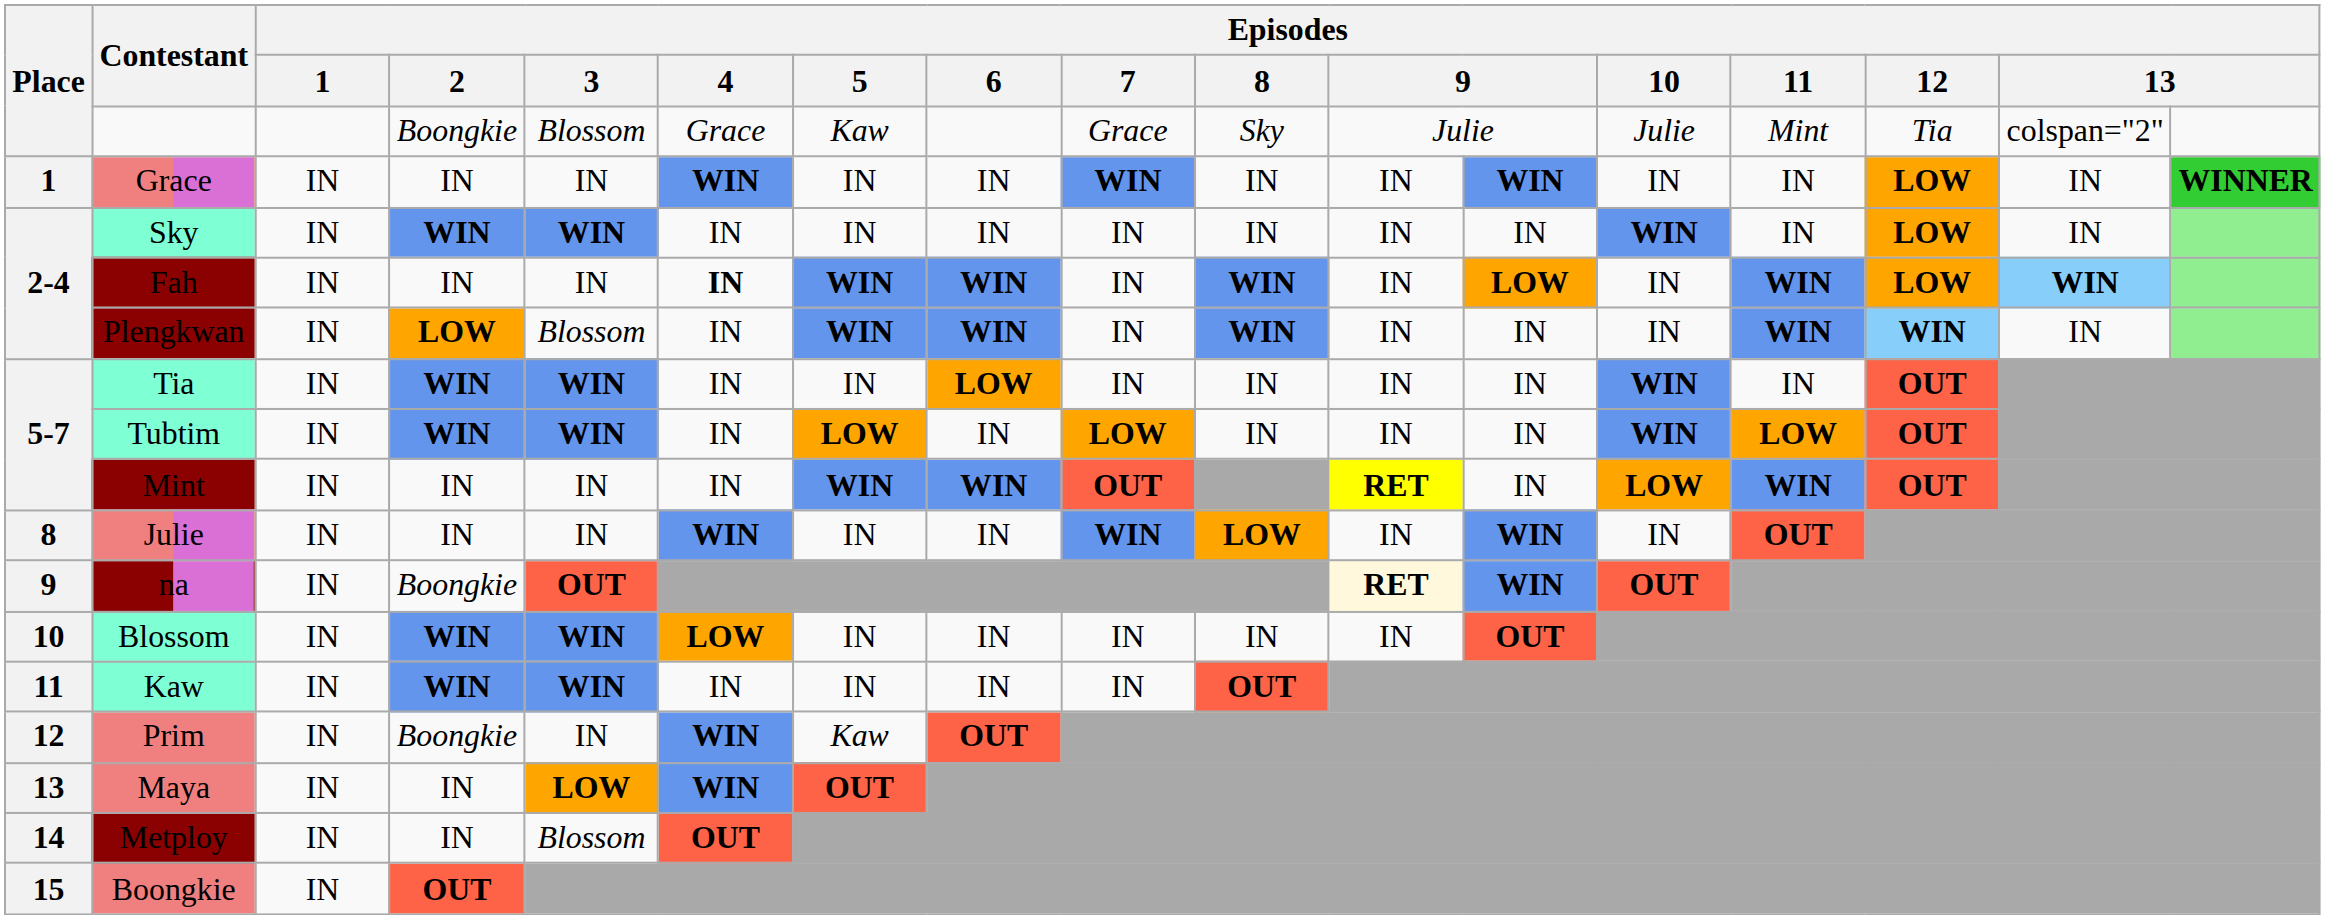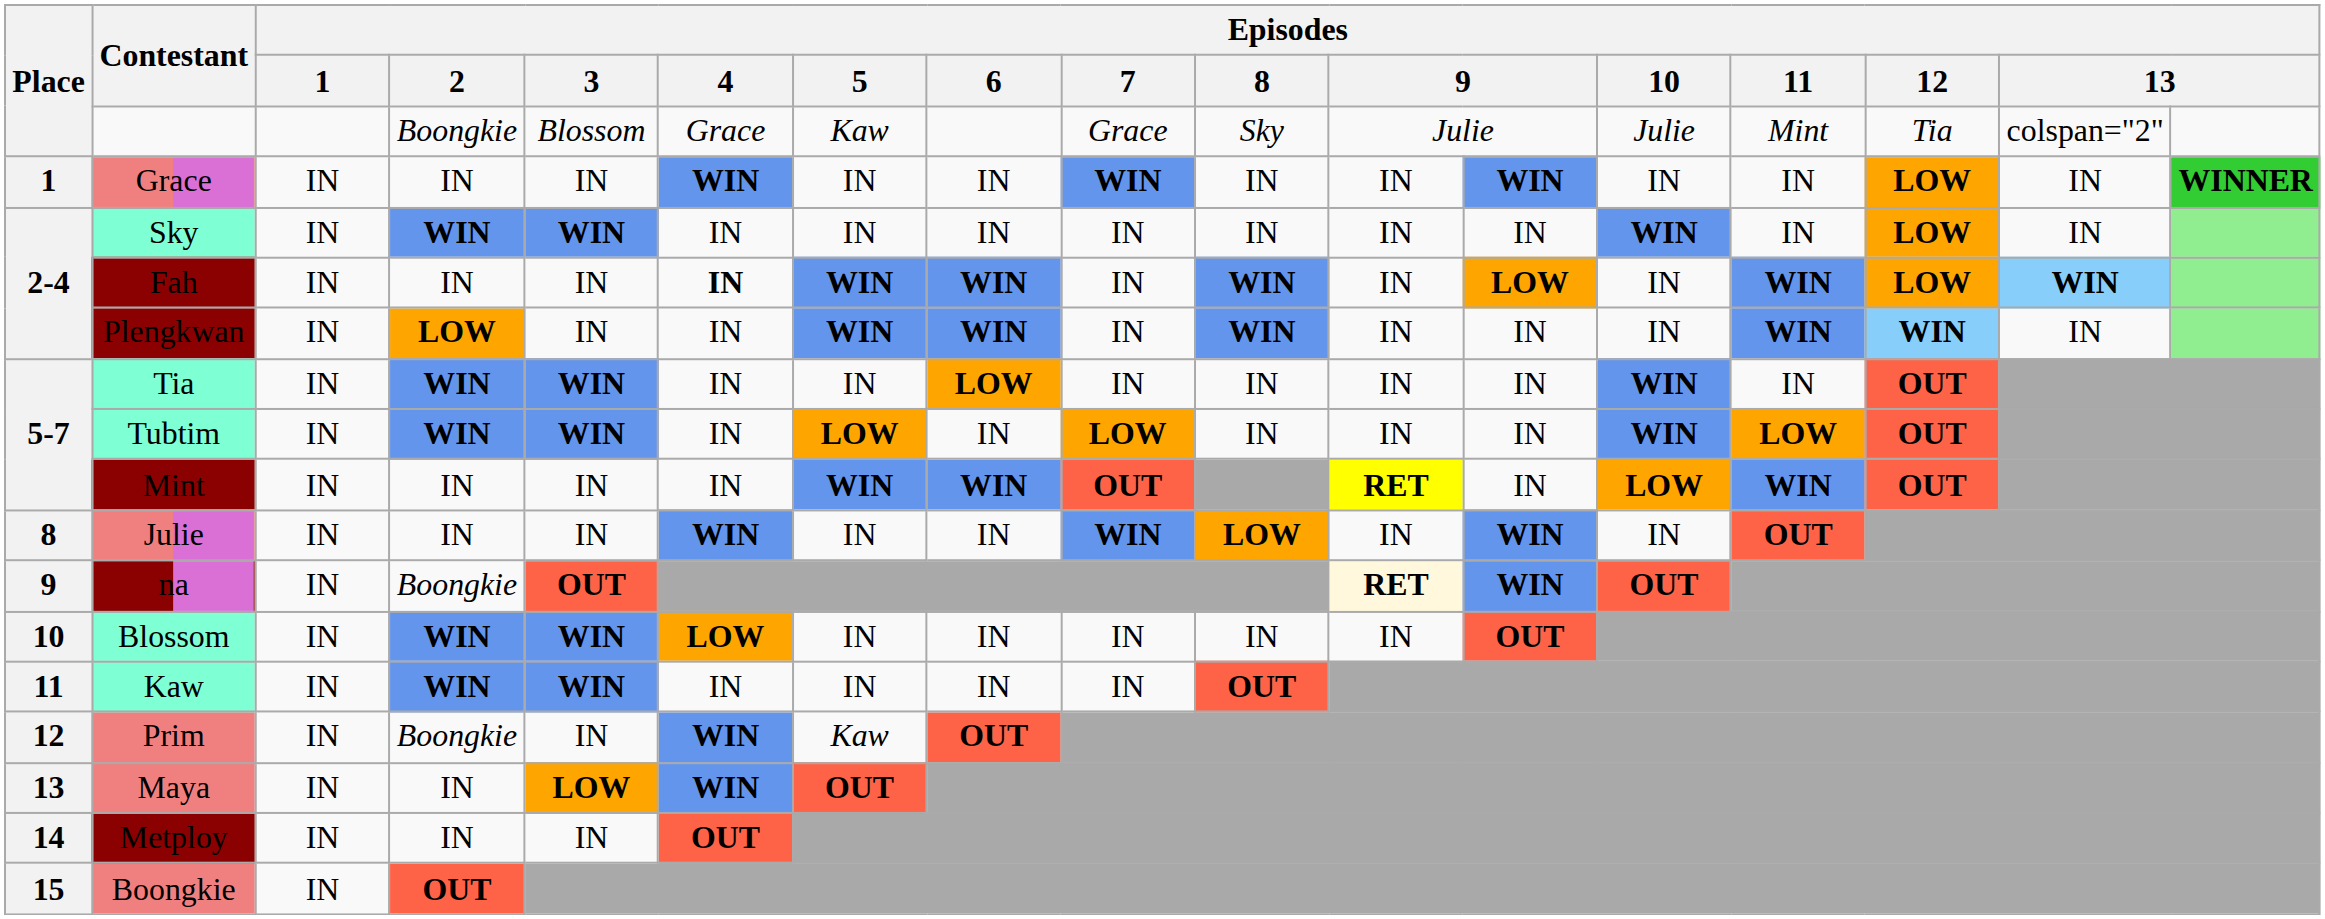 <table class="wikitable" style="text-align:center; font-size:100%">
 <tr>
 <th rowspan=3>Place</th>
 <th rowspan=2>Contestant</th>
 <th colspan=16>Episodes</th>
 </tr>
 <tr>
 <th style="width:60px;">1</th>
 <th style="width:60px;">2</th>
 <th style="width:60px;">3</th>
 <th style="width:60px;">4</th>
 <th style="width:60px;">5</th>
 <th style="width:60px;">6</th>
 <th style="width:60px;">7</th>
 <th style="width:60px;">8</th>
 <th style="width:60px;" colspan=2>9</th>
 <th style="width:60px;">10</th>
 <th style="width:60px;">11</th>
 <th style="width:60px;">12</th>
 <th colspan="2">13</th>
 </tr>
 <tr>
 <td></td>
 <td></td>
 <td><em>Boongkie</em></td>
 <td><em>Blossom</em></td>
 <td><em>Grace</em></td>
 <td><em>Kaw</em></td>
 <td></td>
 <td><em>Grace</em></td>
 <td><em>Sky</em></td>
 <td colspan="2"><em>Julie</em></td>
 <td><em>Julie</em></td>
 <td><em>Mint</em></td>
 <td><em>Tia</em></td>
 <td>colspan="2" </td>
 </tr>
 <tr>
 <th>1</th>
 <td style="background:linear-gradient(to right, lightcoral 50%, orchid 50%);">Grace</td>
 <td>IN</td>
 <td>IN</td>
 <td>IN</td>
 <td style="background:cornflowerblue;"><strong>WIN</strong></td>
 <td>IN</td>
 <td>IN</td>
 <td style="background:cornflowerblue;"><strong>WIN</strong></td>
 <td>IN</td>
 <td width="60">IN</td>
 <td width="60" style="background:cornflowerblue;"><strong>WIN</strong></td>
 <td>IN</td>
 <td>IN</td>
 <td style="background:orange;"><strong>LOW</strong></td>
 <td width="60">IN</td>
 <td style="background:limegreen;"><strong>WINNER</strong></td>
 </tr>
 <tr>
 <th rowspan=3>2-4</th>
 <td style="background:aquamarine;">Sky</td>
 <td>IN</td>
 <td style="background:cornflowerblue;"><strong>WIN</strong></td>
 <td style="background:cornflowerblue;"><strong>WIN</strong></td>
 <td>IN</td>
 <td>IN</td>
 <td>IN</td>
 <td>IN</td>
 <td>IN</td>
 <td>IN</td>
 <td>IN</td>
 <td style="background:cornflowerblue;"><strong>WIN</strong></td>
 <td>IN</td>
 <td style="background:orange;"><strong>LOW</strong></td>
 <td>IN</td>
 <td style="background:lightgreen;"></td>
 </tr>
 <tr>
 <td style="background:darkred;"><span>Fah</span></td>
 <td>IN</td>
 <td>IN</td>
 <td>IN</td>
 <td><strong>IN</strong></td>
 <td style="background:cornflowerblue;"><strong>WIN</strong></td>
 <td style="background:cornflowerblue;"><strong>WIN</strong></td>
 <td>IN</td>
 <td style="background:cornflowerblue;"><strong>WIN</strong></td>
 <td>IN</td>
 <td style="background:orange;"><strong>LOW</strong></td>
 <td>IN</td>
 <td style="background:cornflowerblue;"><strong>WIN</strong></td>
 <td style="background:orange;"><strong>LOW</strong></td>
 <td style="background:lightskyblue;"><strong>WIN</strong></td>
 <td style="background:lightgreen;"></td>
 </tr>
 <tr>
 <td style="background:darkred;"><span>Plengkwan</span></td>
 <td>IN</td>
 <td style="background:orange;"><strong>LOW</strong></td>
-<td><em>Blossom</em></td>
+<td>IN</td>
 <td>IN</td>
 <td style="background:cornflowerblue;"><strong>WIN</strong></td>
 <td style="background:cornflowerblue;"><strong>WIN</strong></td>
 <td>IN</td>
 <td style="background:cornflowerblue;"><strong>WIN</strong></td>
 <td>IN</td>
 <td>IN</td>
 <td>IN</td>
 <td style="background:cornflowerblue;"><strong>WIN</strong></td>
 <td style="background:lightskyblue;"><strong>WIN</strong></td>
 <td>IN</td>
 <td style="background:lightgreen;"></td>
 </tr>
 <tr>
 <th rowspan=3>5-7</th>
 <td style="background:aquamarine;">Tia</td>
 <td>IN</td>
 <td style="background:cornflowerblue;"><strong>WIN</strong></td>
 <td style="background:cornflowerblue;"><strong>WIN</strong></td>
 <td>IN</td>
 <td>IN</td>
 <td style="background:orange;"><strong>LOW</strong></td>
 <td>IN</td>
 <td>IN</td>
 <td>IN</td>
 <td>IN</td>
 <td style="background:cornflowerblue;"><strong>WIN</strong></td>
 <td>IN</td>
 <td style="background:tomato;"><strong>OUT</strong></td>
 <td style="background:darkgrey;" colspan=2></td>
 </tr>
 <tr>
 <td style="background:aquamarine;">Tubtim</td>
 <td>IN</td>
 <td style="background:cornflowerblue;"><strong>WIN</strong></td>
 <td style="background:cornflowerblue;"><strong>WIN</strong></td>
 <td>IN</td>
 <td style="background:orange;"><strong>LOW</strong></td>
 <td>IN</td>
 <td style="background:orange;"><strong>LOW</strong></td>
 <td>IN</td>
 <td>IN</td>
 <td>IN</td>
 <td style="background:cornflowerblue;"><strong>WIN</strong></td>
 <td style="background:orange;"><strong>LOW</strong></td>
 <td style="background:tomato;"><strong>OUT</strong></td>
 <td style="background:darkgrey;" colspan=2></td>
 </tr>
 <tr>
 <td style="background:darkred;"><span>Mint</span></td>
 <td>IN</td>
 <td>IN</td>
 <td>IN</td>
 <td>IN</td>
 <td style="background:cornflowerblue;"><strong>WIN</strong></td>
 <td style="background:cornflowerblue;"><strong>WIN</strong></td>
 <td style="background:tomato;"><strong>OUT</strong></td>
 <td style="background:darkgrey;" colspan=1></td>
 <td style="background:yellow;"><strong>RET</strong></td>
 <td>IN</td>
 <td style="background:orange;"><strong>LOW</strong></td>
 <td style="background:cornflowerblue;"><strong>WIN</strong></td>
 <td style="background:tomato;"><strong>OUT</strong></td>
 <td style="background:darkgrey;" colspan=2></td>
 </tr>
 <tr>
 <th>8</th>
 <td style="background:linear-gradient(to right, lightcoral 50%, orchid 50%);">Julie</td>
 <td>IN</td>
 <td>IN</td>
 <td>IN</td>
 <td style="background:cornflowerblue;"><strong>WIN</strong></td>
 <td>IN</td>
 <td>IN</td>
 <td style="background:cornflowerblue;"><strong>WIN</strong></td>
 <td style="background:orange;"><strong>LOW</strong></td>
 <td>IN</td>
 <td style="background:cornflowerblue;"><strong>WIN</strong></td>
 <td>IN</td>
 <td style="background:tomato;"><strong>OUT</strong></td>
 <td style="background:darkgrey;" colspan=3></td>
 </tr>
 <tr>
 <th>9</th>
 <td style="background:linear-gradient(to right, darkred 50%, orchid 50%);">na</td>
 <td>IN</td>
 <td><em>Boongkie</em></td>
 <td style="background:tomato;"><strong>OUT</strong></td>
 <td style="background:darkgrey;" colspan=5></td>
 <td width="30" style="background:cornsilk;"><strong>RET</strong></td>
 <td width="30" style="background:cornflowerblue;"><strong>WIN</strong></td>
 <td style="background:tomato;"><strong>OUT</strong></td>
 <td style="background:darkgrey;" colspan=4></td>
 </tr>
 <tr>
 <th>10</th>
 <td style="background:aquamarine;">Blossom</td>
 <td>IN</td>
 <td style="background:cornflowerblue;"><strong>WIN</strong></td>
 <td style="background:cornflowerblue;"><strong>WIN</strong></td>
 <td style="background:orange;"><strong>LOW</strong></td>
 <td>IN</td>
 <td>IN</td>
 <td>IN</td>
 <td>IN</td>
 <td>IN</td>
 <td style="background:tomato;"><strong>OUT</strong></td>
 <td style="background:darkgrey;" colspan=5></td>
 </tr>
 <tr>
 <th>11</th>
 <td style="background:aquamarine;">Kaw</td>
 <td>IN</td>
 <td style="background:cornflowerblue;"><strong>WIN</strong></td>
 <td style="background:cornflowerblue;"><strong>WIN</strong></td>
 <td>IN</td>
 <td>IN</td>
 <td>IN</td>
 <td>IN</td>
 <td style="background:tomato;"><strong>OUT</strong></td>
 <td style="background:darkgrey;" colspan=7></td>
 </tr>
 <tr>
 <th>12</th>
 <td style="background:lightcoral;">Prim</td>
 <td>IN</td>
 <td><em>Boongkie</em></td>
 <td>IN</td>
 <td style="background:cornflowerblue;"><strong>WIN</strong></td>
 <td><em>Kaw</em></td>
 <td style="background:tomato;"><strong>OUT</strong></td>
 <td style="background:darkgrey;" colspan=9></td>
 </tr>
 <tr>
 <th>13</th>
 <td style="background:lightcoral;">Maya</td>
 <td>IN</td>
 <td>IN</td>
 <td style="background:orange;"><strong>LOW</strong></td>
 <td style="background:cornflowerblue;"><strong>WIN</strong></td>
 <td style="background:tomato;"><strong>OUT</strong></td>
 <td style="background:darkgrey;" colspan=10></td>
 </tr>
 <tr>
 <th>14</th>
 <td style="background:darkred;"><span>Metploy</span></td>
 <td>IN</td>
 <td>IN</td>
-<td><em>Blossom</em></td>
+<td>IN</td>
 <td style="background:tomato;"><strong>OUT</strong></td>
 <td style="background:darkgrey;" colspan=11></td>
 </tr>
 <tr>
 <th>15</th>
 <td style="background:lightcoral;">Boongkie</td>
 <td>IN</td>
 <td style="background:tomato;"><strong>OUT</strong></td>
 <td style="background:darkgrey;" colspan=13></td>
 </tr>
 </table>
